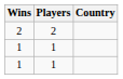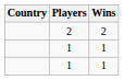 <table class="wikitable">
 <tr>
+<th>Country</th>
+<th>Players</th>
 <th>Wins</th>
-<th>Players</th>
-<th>Country</th>
 </tr>
 <tr>
+<td></td>
 <td align=center>2</td>
 <td align=center>2</td>
-<td></td>
 </tr>
 <tr>
+<td></td>
 <td align=center>1</td>
 <td align=center>1</td>
-<td></td>
 </tr>
 <tr>
+<td></td>
 <td align=center>1</td>
 <td align=center>1</td>
-<td></td>
 </tr>
 </table>
